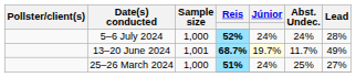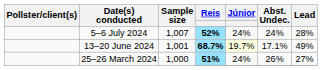 <table class="wikitable" style="text-align:center;font-size:90%;line-height:14px;">
 <tr>
 <th rowspan="2">Pollster/client(s)</th>
 <th rowspan="2">Date(s) <br>conducted</th>
 <th rowspan="2">Sample <br>size</th>
 <th><a href='#'>Reis</a><br></th>
 <th><a href='#'>Júnior</a><br></th>
 <th rowspan="2">Abst.<br>Undec.</th>
 <th rowspan="2">Lead</th>
 </tr>
 <tr>
 <th data-sort-type="number" class="sortable" style="background:"></th>
 <th data-sort-type="number" class="sortable" style="background:"></th>
 </tr>
 <tr>
 <td></td>
 <td>5–6 July 2024</td>
-<td>1,000</td>
+<td>1,007</td>
 <td style="background:#97e3ff;"><strong>52%</strong></td>
 <td>24%</td>
 <td>24%</td>
 <td style="background:">28%</td>
 </tr>
 <tr>
 <td></td>
 <td>13–20 June 2024</td>
 <td>1,001</td>
 <td style="background:#97e3ff;"><strong>68.7%</strong></td>
 <td style="background: lightyellow;">19.7%</td>
-<td>11.7%</td>
+<td>17.1%</td>
 <td style="background:">49%</td>
 </tr>
 <tr>
 <td rowspan="2"></td>
 <td rowspan="2">25–26 March 2024</td>
 <td rowspan="2">1,000</td>
 <td style="background:#97e3ff;"><strong>51%</strong></td>
 <td>24%</td>
-<td>25%</td>
+<td>26%</td>
 <td style="background:">27%</td>
 </tr>
 <tr>
 </tr>
 </table>
